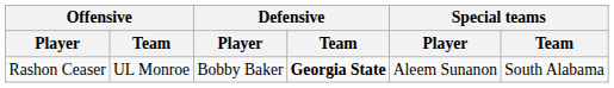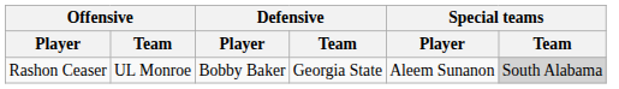 <table class="wikitable">
 <tr>
 <th colspan="2">Offensive</th>
 <th colspan="2">Defensive</th>
 <th colspan="2">Special teams</th>
 </tr>
 <tr>
 <th>Player</th>
 <th>Team</th>
 <th>Player</th>
 <th>Team</th>
 <th>Player</th>
 <th>Team</th>
 </tr>
 <tr>
 <td>Rashon Ceaser</td>
 <td>UL Monroe</td>
 <td>Bobby Baker</td>
-<td><strong>Georgia State</strong></td>
+<td>Georgia State</td>
 <td>Aleem Sunanon</td>
-<td>South Alabama</td>
+<td style="background: lightgrey;">South Alabama</td>
 </tr>
 </table>
